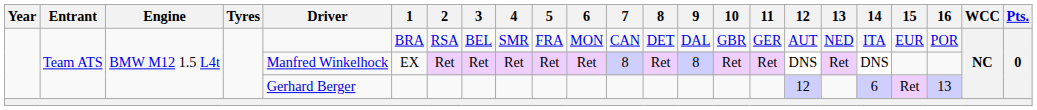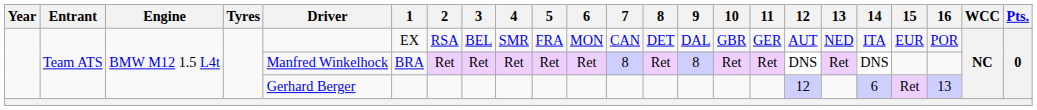 <table class="wikitable" style="text-align:center; font-size:90%">
 <tr>
 <th>Year</th>
 <th>Entrant</th>
 <th>Engine</th>
 <th>Tyres</th>
 <th>Driver</th>
 <th>1</th>
 <th>2</th>
 <th>3</th>
 <th>4</th>
 <th>5</th>
 <th>6</th>
 <th>7</th>
 <th>8</th>
 <th>9</th>
 <th>10</th>
 <th>11</th>
 <th>12</th>
 <th>13</th>
 <th>14</th>
 <th>15</th>
 <th>16</th>
 <th>WCC</th>
 <th><a href='#'>Pts.</a></th>
 </tr>
 <tr>
 <td rowspan="3"></td>
 <td rowspan="3"><a href='#'>Team ATS</a></td>
 <td rowspan="3"><a href='#'>BMW M12</a> 1.5 <a href='#'>L4</a><a href='#'>t</a></td>
 <td rowspan="3"></td>
 <td></td>
-<td><a href='#'>BRA</a></td>
+<td>EX</td>
 <td><a href='#'>RSA</a></td>
 <td><a href='#'>BEL</a></td>
 <td><a href='#'>SMR</a></td>
 <td><a href='#'>FRA</a></td>
 <td><a href='#'>MON</a></td>
 <td><a href='#'>CAN</a></td>
 <td><a href='#'>DET</a></td>
 <td><a href='#'>DAL</a></td>
 <td><a href='#'>GBR</a></td>
 <td><a href='#'>GER</a></td>
 <td><a href='#'>AUT</a></td>
 <td><a href='#'>NED</a></td>
 <td><a href='#'>ITA</a></td>
 <td><a href='#'>EUR</a></td>
 <td><a href='#'>POR</a></td>
 <th rowspan="3">NC</th>
 <th rowspan="3">0</th>
 </tr>
 <tr>
 <td align="left"><a href='#'>Manfred Winkelhock</a></td>
-<td>EX</td>
+<td><a href='#'>BRA</a></td>
 <td style="background:#EFCFFF;">Ret</td>
 <td style="background:#EFCFFF;">Ret</td>
 <td style="background:#EFCFFF;">Ret</td>
 <td style="background:#EFCFFF;">Ret</td>
 <td style="background:#EFCFFF;">Ret</td>
 <td style="background:#CFCFFF;">8</td>
 <td style="background:#EFCFFF;">Ret</td>
 <td style="background:#CFCFFF;">8</td>
 <td style="background:#EFCFFF;">Ret</td>
 <td style="background:#EFCFFF;">Ret</td>
 <td style="background:#FFFFFF;">DNS</td>
 <td style="background:#EFCFFF;">Ret</td>
 <td style="background:#FFFFFF;">DNS</td>
 <td></td>
 <td></td>
 </tr>
 <tr>
 <td align="left"><a href='#'>Gerhard Berger</a></td>
 <td></td>
 <td></td>
 <td></td>
 <td></td>
 <td></td>
 <td></td>
 <td></td>
 <td></td>
 <td></td>
 <td></td>
 <td></td>
 <td style="background:#CFCFFF;">12</td>
 <td></td>
 <td style="background:#CFCFFF;">6</td>
 <td style="background:#EFCFFF;">Ret</td>
 <td style="background:#CFCFFF;">13</td>
 </tr>
 <tr>
 <th colspan="23"></th>
 </tr>
 </table>
